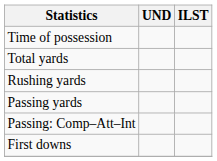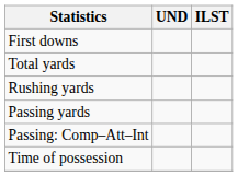 <table class="wikitable" style="float: left;">
 <tr>
 <th>Statistics</th>
 <th>UND</th>
 <th>ILST</th>
 </tr>
 <tr>
-<td>Time of possession</td>
+<td>First downs</td>
 <td></td>
 <td></td>
 </tr>
 <tr>
 <td>Total yards</td>
 <td></td>
 <td></td>
 </tr>
 <tr>
 <td>Rushing yards</td>
 <td></td>
 <td></td>
 </tr>
 <tr>
 <td>Passing yards</td>
 <td></td>
 <td></td>
 </tr>
 <tr>
 <td>Passing: Comp–Att–Int</td>
 <td></td>
 <td></td>
 </tr>
 <tr>
-<td>First downs</td>
+<td>Time of possession</td>
 <td></td>
 <td></td>
 </tr>
 <tr>
 </tr>
 </table>
